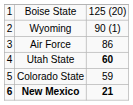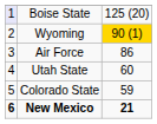 <table class="wikitable" style="display: inline-table;">
 <tr align="center">
 </tr>
 <tr align="center">
-<td>1</td>
+<td style="background: lavender;">1</td>
 <td>Boise State</td>
 <td>125 (20)</td>
 </tr>
 <tr align="center">
 <td>2</td>
 <td>Wyoming</td>
-<td>90 (1)</td>
+<td style="background: gold;">90 (1)</td>
 </tr>
 <tr align="center">
 <td>3</td>
 <td>Air Force</td>
 <td>86</td>
 </tr>
 <tr align="center">
 <td>4</td>
 <td>Utah State</td>
-<td><strong>60</strong></td>
+<td>60</td>
 </tr>
 <tr align="center">
 <td>5</td>
 <td>Colorado State</td>
 <td>59</td>
 </tr>
 <tr align="center">
 <td><strong>6</strong></td>
 <td><strong>New Mexico</strong></td>
 <td><strong>21</strong></td>
 </tr>
 </table>
